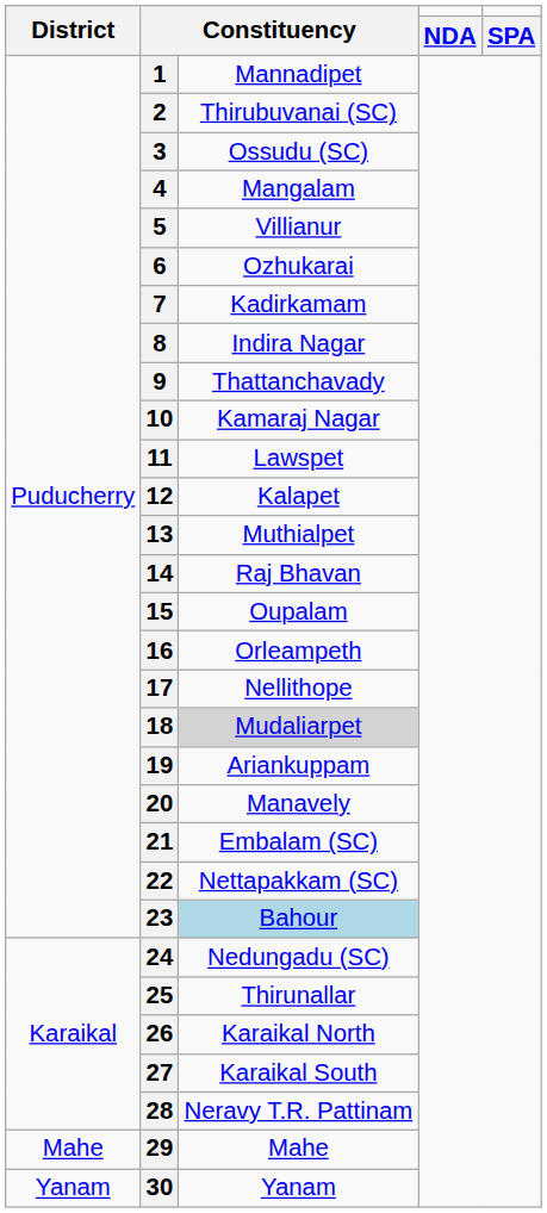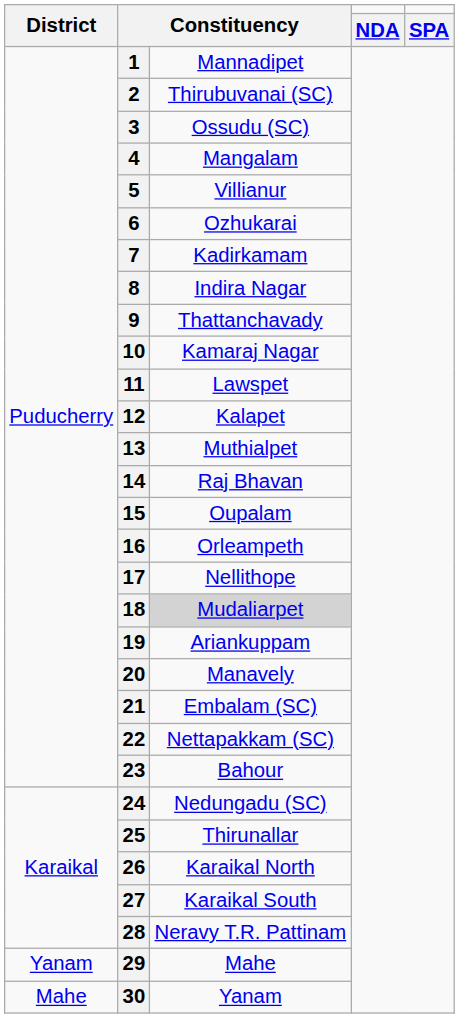 <table class="wikitable" style="text-align:center;">
 <tr>
 <th rowspan="2">District</th>
 <th colspan="2" rowspan="2">Constituency</th>
 <td colspan="3" style="background:"></td>
 <td colspan="3" style="background:"></td>
 </tr>
 <tr>
 <th colspan="3"><a href='#'>NDA</a></th>
 <th colspan="3"><a href='#'>SPA</a></th>
 </tr>
 <tr>
 <td rowspan="23"><a href='#'>Puducherry</a></td>
 <th>1</th>
 <td><a href='#'>Mannadipet</a></td>
 </tr>
 <tr>
 <th>2</th>
 <td><a href='#'>Thirubuvanai (SC)</a></td>
 </tr>
 <tr>
 <th>3</th>
 <td><a href='#'>Ossudu (SC)</a></td>
 </tr>
 <tr>
 <th>4</th>
 <td><a href='#'>Mangalam</a></td>
 </tr>
 <tr>
 <th>5</th>
 <td><a href='#'>Villianur</a></td>
 </tr>
 <tr>
 <th>6</th>
 <td><a href='#'>Ozhukarai</a></td>
 </tr>
 <tr>
 <th>7</th>
 <td><a href='#'>Kadirkamam</a></td>
 </tr>
 <tr>
 <th>8</th>
 <td><a href='#'>Indira Nagar</a></td>
 </tr>
 <tr>
 <th>9</th>
 <td><a href='#'>Thattanchavady</a></td>
 </tr>
 <tr>
 <th>10</th>
 <td><a href='#'>Kamaraj Nagar</a></td>
 </tr>
 <tr>
 <th>11</th>
 <td><a href='#'>Lawspet</a></td>
 </tr>
 <tr>
 <th>12</th>
 <td><a href='#'>Kalapet</a></td>
 </tr>
 <tr>
 <th>13</th>
 <td><a href='#'>Muthialpet</a></td>
 </tr>
 <tr>
 <th>14</th>
 <td><a href='#'>Raj Bhavan</a></td>
 </tr>
 <tr>
 <th>15</th>
 <td><a href='#'>Oupalam</a></td>
 </tr>
 <tr>
 <th>16</th>
 <td><a href='#'>Orleampeth</a></td>
 </tr>
 <tr>
 <th>17</th>
 <td><a href='#'>Nellithope</a></td>
 </tr>
 <tr>
 <th>18</th>
 <td style="background: lightgrey;"><a href='#'>Mudaliarpet</a></td>
 </tr>
 <tr>
 <th>19</th>
 <td><a href='#'>Ariankuppam</a></td>
 </tr>
 <tr>
 <th>20</th>
 <td><a href='#'>Manavely</a></td>
 </tr>
 <tr>
 <th>21</th>
 <td><a href='#'>Embalam (SC)</a></td>
 </tr>
 <tr>
 <th>22</th>
 <td><a href='#'>Nettapakkam (SC)</a></td>
 </tr>
 <tr>
 <th>23</th>
-<td style="background: lightblue;"><a href='#'>Bahour</a></td>
+<td><a href='#'>Bahour</a></td>
 </tr>
 <tr>
 <td rowspan="5"><a href='#'>Karaikal</a></td>
 <th>24</th>
 <td><a href='#'>Nedungadu (SC)</a></td>
 </tr>
 <tr>
 <th>25</th>
 <td><a href='#'>Thirunallar</a></td>
 </tr>
 <tr>
 <th>26</th>
 <td><a href='#'>Karaikal North</a></td>
 </tr>
 <tr>
 <th>27</th>
 <td><a href='#'>Karaikal South</a></td>
 </tr>
 <tr>
 <th>28</th>
 <td><a href='#'>Neravy T.R. Pattinam</a></td>
 </tr>
 <tr>
-<td><a href='#'>Mahe</a></td>
+<td><a href='#'>Yanam</a></td>
 <th>29</th>
 <td><a href='#'>Mahe</a></td>
 </tr>
 <tr>
-<td><a href='#'>Yanam</a></td>
+<td><a href='#'>Mahe</a></td>
 <th>30</th>
 <td><a href='#'>Yanam</a></td>
 </tr>
 </table>
